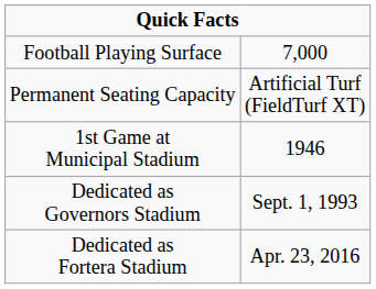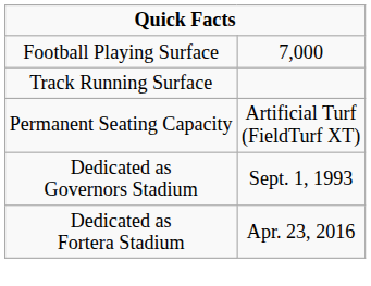 <table class="wikitable" style="text-align:center">
 <tr>
 <td colspan="2"><strong>Quick Facts</strong></td>
 </tr>
 <tr>
 <td>Football Playing Surface</td>
 <td>7,000</td>
 </tr>
 <tr>
+<td>Track Running Surface</td>
+<td></td>
+</tr>
+<tr>
 <td>Permanent Seating Capacity</td>
 <td>Artificial Turf<br>(FieldTurf XT)</td>
-</tr>
-<tr>
-<td>1st Game at<br>Municipal Stadium</td>
-<td>1946</td>
 </tr>
 <tr>
 <td>Dedicated as<br>Governors Stadium</td>
 <td>Sept. 1, 1993</td>
 </tr>
 <tr>
 <td>Dedicated as<br>Fortera Stadium</td>
 <td>Apr. 23, 2016</td>
 </tr>
 </table>
